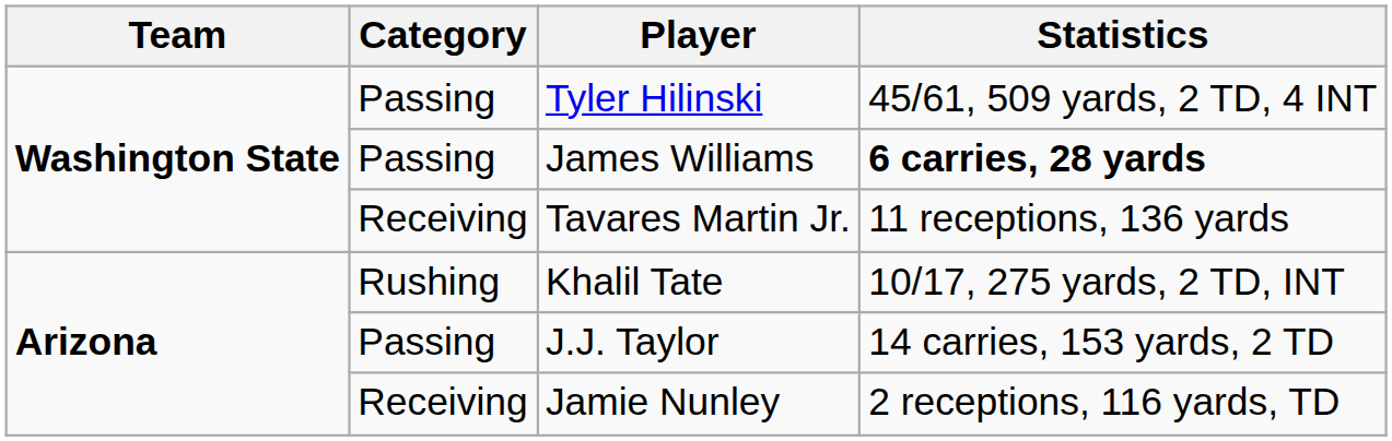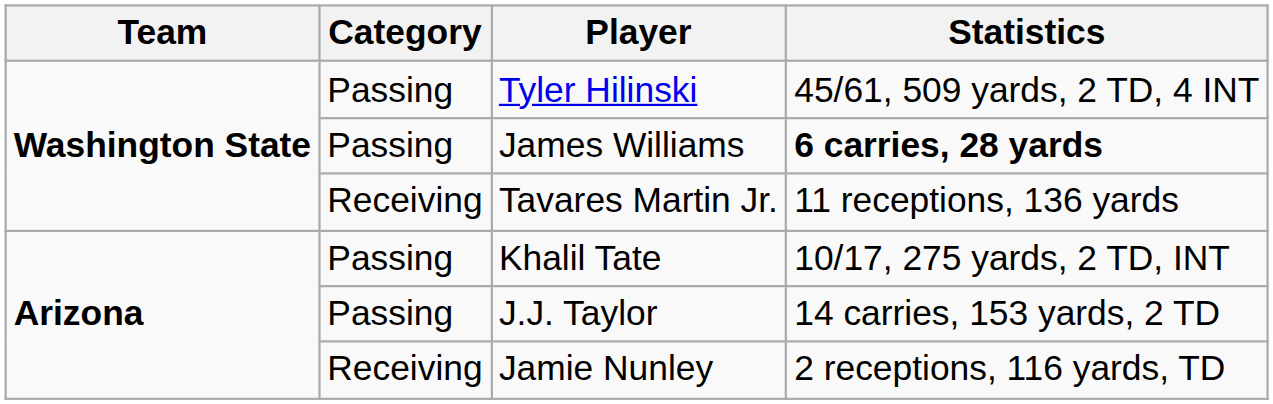 <table class="wikitable" style="float: right;">
 <tr>
 <th>Team</th>
 <th>Category</th>
 <th>Player</th>
 <th>Statistics</th>
 </tr>
 <tr>
 <td rowspan=3><strong>Washington State</strong></td>
 <td>Passing</td>
 <td><a href='#'>Tyler Hilinski</a></td>
 <td>45/61, 509 yards, 2 TD, 4 INT</td>
 </tr>
 <tr>
 <td>Passing</td>
 <td>James Williams</td>
 <td><strong>6 carries, 28 yards</strong></td>
 </tr>
 <tr>
 <td>Receiving</td>
 <td>Tavares Martin Jr.</td>
 <td>11 receptions, 136 yards</td>
 </tr>
 <tr>
 <td rowspan=3><strong>Arizona</strong></td>
-<td>Rushing</td>
+<td>Passing</td>
 <td>Khalil Tate</td>
 <td>10/17, 275 yards, 2 TD, INT</td>
 </tr>
 <tr>
 <td>Passing</td>
 <td>J.J. Taylor</td>
 <td>14 carries, 153 yards, 2 TD</td>
 </tr>
 <tr>
 <td>Receiving</td>
 <td>Jamie Nunley</td>
 <td>2 receptions, 116 yards, TD</td>
 </tr>
 </table>
